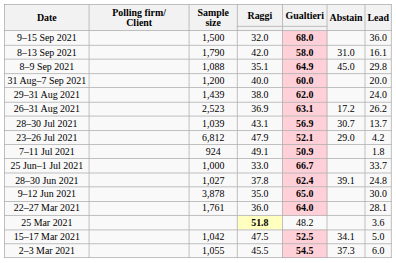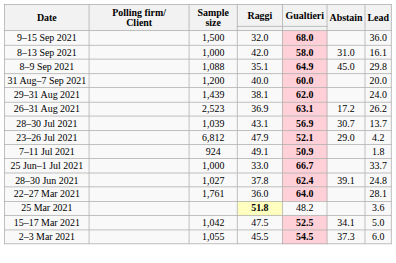 <table class=wikitable style="text-align:center;font-size:85%;line-height:13px">
 <tr style="height:30px; background-color:#E9E9E9">
 <th style="width:110px;" rowspan="2">Date</th>
 <th style="width:130px;" rowspan="2">Polling firm/<br>Client</th>
 <th style="width:60px;" rowspan="2">Sample size</th>
 <th style="width:55px;">Raggi</th>
 <th style="width:55px;">Gualtieri</th>
 <th style="width:30px;" rowspan="2">Abstain</th>
 <th style="width:30px;" rowspan="2">Lead</th>
 </tr>
 <tr>
 <th style="color:inherit;background:"></th>
 <th style="color:inherit;background:"></th>
 </tr>
 <tr>
 <td>9–15 Sep 2021</td>
 <td></td>
 <td>1,500</td>
 <td>32.0</td>
 <td style="background:#FFD0D7"><strong>68.0</strong></td>
 <td></td>
 <td style="background:">36.0</td>
 </tr>
 <tr>
 <td>8–13 Sep 2021</td>
 <td></td>
-<td>1,790</td>
+<td>1,000</td>
 <td>42.0</td>
 <td style="background:#FFD0D7"><strong>58.0</strong></td>
 <td>31.0</td>
 <td style="background:">16.1</td>
 </tr>
 <tr>
 <td>8–9 Sep 2021</td>
 <td></td>
 <td>1,088</td>
 <td>35.1</td>
 <td style="background:#FFD0D7"><strong>64.9</strong></td>
 <td>45.0</td>
 <td style="background:">29.8</td>
 </tr>
 <tr>
 <td>31 Aug–7 Sep 2021</td>
 <td></td>
 <td>1,200</td>
 <td>40.0</td>
 <td style="background:#FFD0D7"><strong>60.0</strong></td>
 <td></td>
 <td style="background:">20.0</td>
 </tr>
 <tr>
 <td>29–31 Aug 2021</td>
 <td></td>
 <td>1,439</td>
-<td>38.0</td>
+<td>38.1</td>
 <td style="background:#FFD0D7"><strong>62.0</strong></td>
 <td></td>
 <td style="background:">24.0</td>
 </tr>
 <tr>
 <td>26–31 Aug 2021</td>
 <td></td>
 <td>2,523</td>
 <td>36.9</td>
 <td style="background:#FFD0D7"><strong>63.1</strong></td>
 <td>17.2</td>
 <td style="background:">26.2</td>
 </tr>
 <tr>
 <td>28–30 Jul 2021</td>
 <td></td>
 <td>1,039</td>
 <td>43.1</td>
 <td style="background:#FFD0D7"><strong>56.9</strong></td>
 <td>30.7</td>
 <td style="background:">13.7</td>
 </tr>
 <tr>
 <td>23–26 Jul 2021</td>
 <td></td>
 <td>6,812</td>
 <td>47.9</td>
 <td style="background:#FFD0D7"><strong>52.1</strong></td>
 <td>29.0</td>
 <td style="background:">4.2</td>
 </tr>
 <tr>
 <td>7–11 Jul 2021</td>
 <td></td>
 <td>924</td>
 <td>49.1</td>
 <td style="background:#FFD0D7"><strong>50.9</strong></td>
 <td></td>
 <td style="background:">1.8</td>
 </tr>
 <tr>
 <td>25 Jun–1 Jul 2021</td>
 <td></td>
 <td>1,000</td>
 <td>33.0</td>
 <td style="background:#FFD0D7"><strong>66.7</strong></td>
 <td></td>
 <td style="background:">33.7</td>
 </tr>
 <tr>
 <td>28–30 Jun 2021</td>
 <td></td>
 <td>1,027</td>
 <td>37.8</td>
 <td style="background:#FFD0D7"><strong>62.4</strong></td>
 <td>39.1</td>
 <td style="background:">24.8</td>
 </tr>
 <tr>
-<td>9–12 Jun 2021</td>
-<td></td>
-<td>3,878</td>
-<td>35.0</td>
-<td style="background:#FFD0D7"><strong>65.0</strong></td>
-<td></td>
-<td style="background:">30.0</td>
-</tr>
-<tr>
 <td>22–27 Mar 2021</td>
 <td></td>
 <td>1,761</td>
 <td>36.0</td>
 <td style="background:#FFD0D7"><strong>64.0</strong></td>
 <td></td>
 <td style="background:">28.1</td>
 </tr>
 <tr>
 <td>25 Mar 2021</td>
 <td></td>
 <td></td>
 <td style="background:#FFFFBF"><strong>51.8</strong></td>
 <td>48.2</td>
 <td></td>
 <td style="background:">3.6</td>
 </tr>
 <tr>
 <td>15–17 Mar 2021</td>
 <td></td>
 <td>1,042</td>
 <td>47.5</td>
 <td style="background:#FFD0D7"><strong>52.5</strong></td>
 <td>34.1</td>
 <td style="background:">5.0</td>
 </tr>
 <tr>
 <td>2–3 Mar 2021</td>
 <td></td>
 <td>1,055</td>
 <td>45.5</td>
 <td style="background:#FFD0D7"><strong>54.5</strong></td>
 <td>37.3</td>
 <td style="background:">6.0</td>
 </tr>
 </table>
